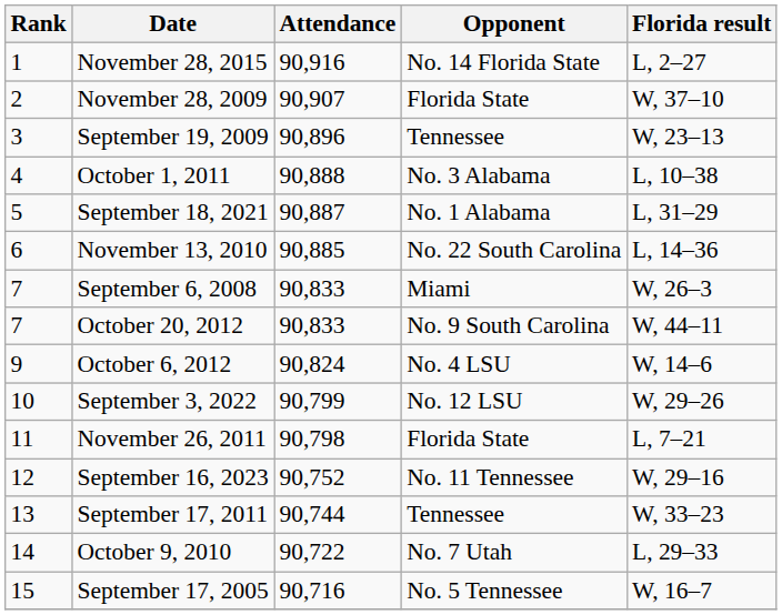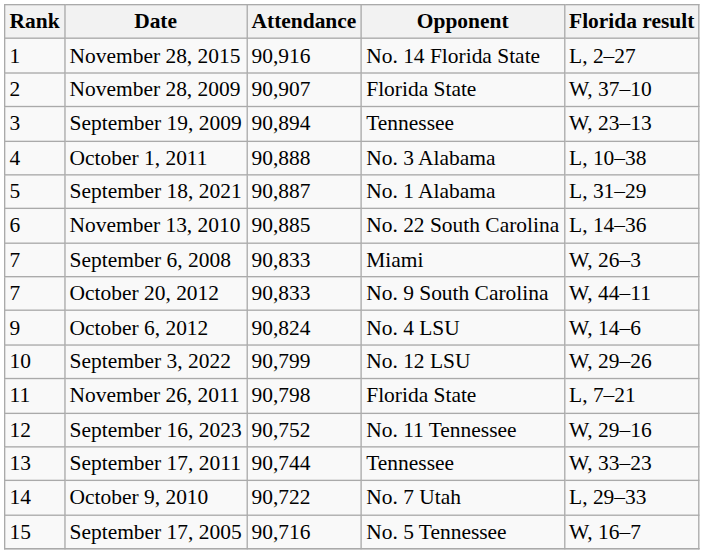 <table class=wikitable>
 <tr>
 <th>Rank</th>
 <th>Date</th>
 <th>Attendance</th>
 <th>Opponent</th>
 <th>Florida result</th>
 </tr>
 <tr>
 <td>1</td>
 <td>November 28, 2015</td>
 <td>90,916</td>
 <td>No. 14 Florida State</td>
 <td>L, 2–27</td>
 </tr>
 <tr>
 <td>2</td>
 <td>November 28, 2009</td>
 <td>90,907</td>
 <td>Florida State</td>
 <td>W, 37–10</td>
 </tr>
 <tr>
 <td>3</td>
 <td>September 19, 2009</td>
-<td>90,896</td>
+<td>90,894</td>
 <td>Tennessee</td>
 <td>W, 23–13</td>
 </tr>
 <tr>
 <td>4</td>
 <td>October 1, 2011</td>
 <td>90,888</td>
 <td>No. 3 Alabama</td>
 <td>L, 10–38</td>
 </tr>
 <tr>
 <td>5</td>
 <td>September 18, 2021</td>
 <td>90,887</td>
 <td>No. 1 Alabama</td>
 <td>L, 31–29</td>
 </tr>
 <tr>
 <td>6</td>
 <td>November 13, 2010</td>
 <td>90,885</td>
 <td>No. 22 South Carolina</td>
 <td>L, 14–36</td>
 </tr>
 <tr>
 <td>7</td>
 <td>September 6, 2008</td>
 <td>90,833</td>
 <td>Miami</td>
 <td>W, 26–3</td>
 </tr>
 <tr>
 <td>7</td>
 <td>October 20, 2012</td>
 <td>90,833</td>
 <td>No. 9 South Carolina</td>
 <td>W, 44–11</td>
 </tr>
 <tr>
 <td>9</td>
 <td>October 6, 2012</td>
 <td>90,824</td>
 <td>No. 4 LSU</td>
 <td>W, 14–6</td>
 </tr>
 <tr>
 <td>10</td>
 <td>September 3, 2022</td>
 <td>90,799</td>
 <td>No. 12 LSU</td>
 <td>W, 29–26</td>
 </tr>
 <tr>
 <td>11</td>
 <td>November 26, 2011</td>
 <td>90,798</td>
 <td>Florida State</td>
 <td>L, 7–21</td>
 </tr>
 <tr>
 <td>12</td>
 <td>September 16, 2023</td>
 <td>90,752</td>
 <td>No. 11 Tennessee</td>
 <td>W, 29–16</td>
 </tr>
 <tr>
 <td>13</td>
 <td>September 17, 2011</td>
 <td>90,744</td>
 <td>Tennessee</td>
 <td>W, 33–23</td>
 </tr>
 <tr>
 <td>14</td>
 <td>October 9, 2010</td>
 <td>90,722</td>
 <td>No. 7 Utah</td>
 <td>L, 29–33</td>
 </tr>
 <tr>
 <td>15</td>
 <td>September 17, 2005</td>
 <td>90,716</td>
 <td>No. 5 Tennessee</td>
 <td>W, 16–7</td>
 </tr>
 <tr>
 </tr>
 </table>
